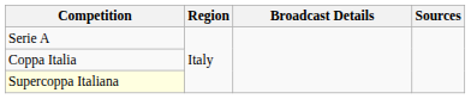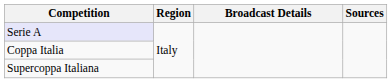 <table class="wikitable">
 <tr>
 <th width="200">Competition</th>
 <th>Region</th>
 <th width="200">Broadcast Details</th>
 <th>Sources</th>
 </tr>
 <tr>
-<td>Serie A</td>
+<td style="background: lavender;">Serie A</td>
 <td rowspan="3">Italy</td>
 <td rowspan="3"></td>
 </tr>
 <tr>
 <td>Coppa Italia</td>
 </tr>
 <tr>
-<td style="background: lightyellow;">Supercoppa Italiana</td>
+<td>Supercoppa Italiana</td>
 </tr>
 </table>
